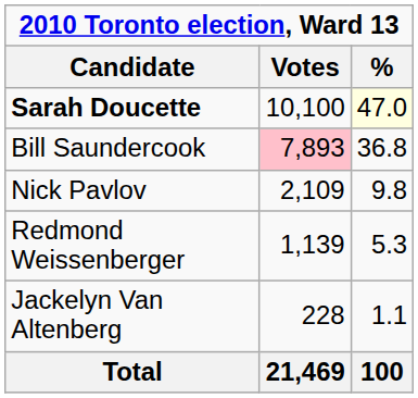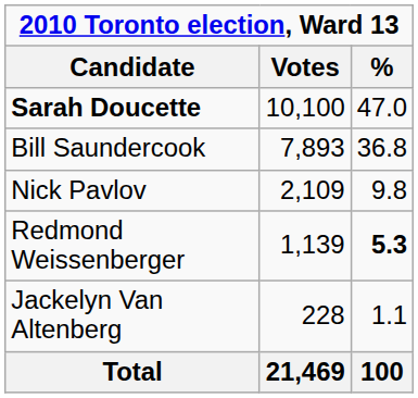 <table class="wikitable">
 <tr>
 <td Colspan="3" align="center"><strong><a href='#'>2010 Toronto election</a>, Ward 13</strong></td>
 </tr>
 <tr>
 <th bgcolor="#DDDDFF" width="150px">Candidate</th>
 <th bgcolor="#DDDDFF">Votes</th>
 <th bgcolor="#DDDDFF">%</th>
 </tr>
 <tr>
 <td><strong>Sarah Doucette</strong></td>
 <td align=right>10,100</td>
-<td align=right style="background: lightyellow;">47.0</td>
+<td align=right>47.0</td>
 </tr>
 <tr>
 <td>Bill Saundercook</td>
-<td align=right style="background: pink;">7,893</td>
+<td align=right>7,893</td>
 <td align=right>36.8</td>
 </tr>
 <tr>
 <td>Nick Pavlov</td>
 <td align=right>2,109</td>
 <td align=right>9.8</td>
 </tr>
 <tr>
 <td>Redmond Weissenberger</td>
 <td align=right>1,139</td>
-<td align=right>5.3</td>
+<td align=right><strong>5.3</strong></td>
 </tr>
 <tr>
 <td>Jackelyn Van Altenberg</td>
 <td align=right>228</td>
 <td align=right>1.1</td>
 </tr>
 <tr>
 <th>Total</th>
 <th align=right>21,469</th>
 <th align=right>100</th>
 </tr>
 </table>
